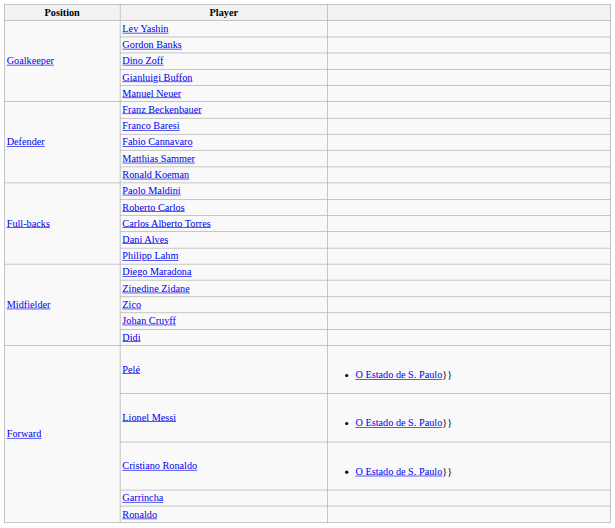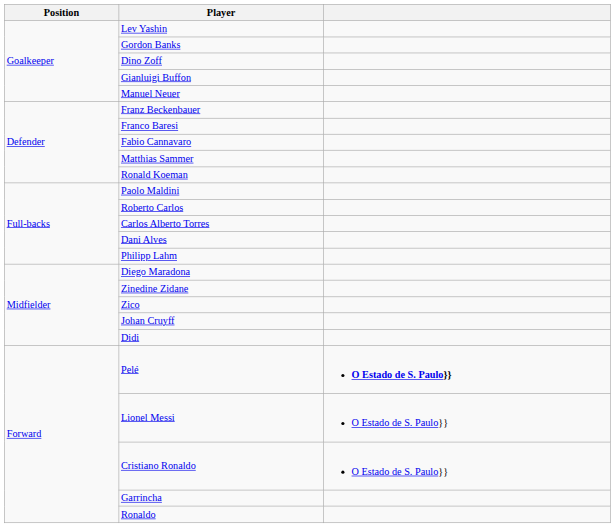 <table class="wikitable mw-collapsible mw-uncollapsed" style="width:75%;">
 <tr>
 <th>Position</th>
 <th>Player</th>
 <th></th>
 </tr>
 <tr>
 <td rowspan="5"><a href='#'>Goalkeeper</a></td>
 <td><a href='#'>Lev Yashin</a></td>
 <td></td>
 </tr>
 <tr>
 <td><a href='#'>Gordon Banks</a></td>
 <td></td>
 </tr>
 <tr>
 <td><a href='#'>Dino Zoff</a></td>
 <td></td>
 </tr>
 <tr>
 <td><a href='#'>Gianluigi Buffon</a></td>
 <td></td>
 </tr>
 <tr>
 <td><a href='#'>Manuel Neuer</a></td>
 <td></td>
 </tr>
 <tr>
 <td rowspan="5"><a href='#'>Defender</a></td>
 <td><a href='#'>Franz Beckenbauer</a></td>
 <td></td>
 </tr>
 <tr>
 <td><a href='#'>Franco Baresi</a></td>
 <td></td>
 </tr>
 <tr>
 <td><a href='#'>Fabio Cannavaro</a></td>
 <td></td>
 </tr>
 <tr>
 <td><a href='#'>Matthias Sammer</a></td>
 <td></td>
 </tr>
 <tr>
 <td><a href='#'>Ronald Koeman</a></td>
 <td></td>
 </tr>
 <tr>
 <td rowspan="5"><a href='#'>Full-backs</a></td>
 <td><a href='#'>Paolo Maldini</a></td>
 <td></td>
 </tr>
 <tr>
 <td><a href='#'>Roberto Carlos</a></td>
 <td></td>
 </tr>
 <tr>
 <td><a href='#'>Carlos Alberto Torres</a></td>
 <td></td>
 </tr>
 <tr>
 <td><a href='#'>Dani Alves</a></td>
 <td></td>
 </tr>
 <tr>
 <td><a href='#'>Philipp Lahm</a></td>
 <td></td>
 </tr>
 <tr>
 <td rowspan="5"><a href='#'>Midfielder</a></td>
 <td><a href='#'>Diego Maradona</a></td>
 <td></td>
 </tr>
 <tr>
 <td><a href='#'>Zinedine Zidane</a></td>
 <td></td>
 </tr>
 <tr>
 <td><a href='#'>Zico</a></td>
 <td></td>
 </tr>
 <tr>
 <td><a href='#'>Johan Cruyff</a></td>
 <td></td>
 </tr>
 <tr>
 <td><a href='#'>Didi</a></td>
 <td></td>
 </tr>
 <tr>
 <td rowspan="5"><a href='#'>Forward</a></td>
 <td><a href='#'>Pelé</a></td>
-<td><br><ul><li><a href='#'>O Estado de S. Paulo</a>}}</li></ul></td>
+<td><strong><br><ul><li><a href='#'>O Estado de S. Paulo</a>}}</li></ul></strong></td>
 </tr>
 <tr>
 <td><a href='#'>Lionel Messi</a></td>
 <td><br><ul><li><a href='#'>O Estado de S. Paulo</a>}}</li></ul></td>
 </tr>
 <tr>
 <td><a href='#'>Cristiano Ronaldo</a></td>
 <td><br><ul><li><a href='#'>O Estado de S. Paulo</a>}}</li></ul></td>
 </tr>
 <tr>
 <td><a href='#'>Garrincha</a></td>
 <td></td>
 </tr>
 <tr>
 <td><a href='#'>Ronaldo</a></td>
 <td></td>
 </tr>
 </table>
